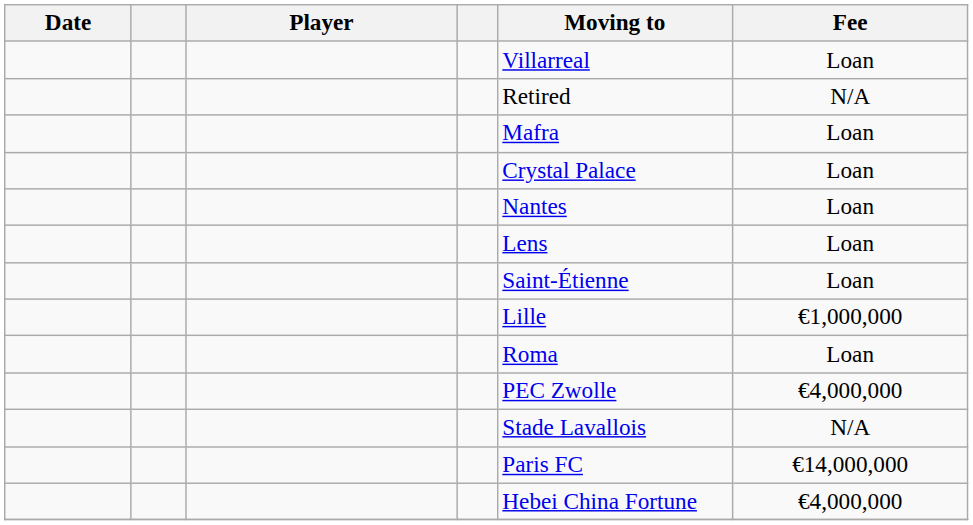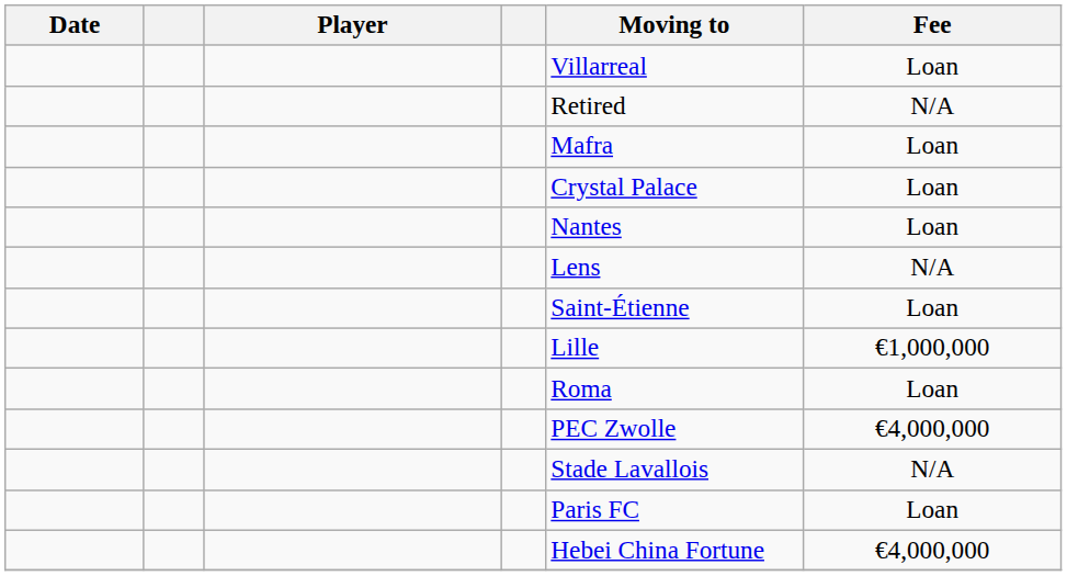 <table class="wikitable sortable">
 <tr>
 <th style="width:80px;">Date</th>
 <th style="width:30px;"></th>
 <th style="width:180px;">Player</th>
 <th style="width:20px;"></th>
 <th style="width:155px;">Moving to</th>
 <th style="width:155px;" class="unsortable">Fee</th>
 </tr>
 <tr>
 <td></td>
 <td align=center></td>
 <td> </td>
 <td></td>
 <td> <a href='#'>Villarreal</a></td>
 <td align=center>Loan</td>
 </tr>
 <tr>
 <td></td>
 <td align=center></td>
 <td> </td>
 <td></td>
 <td>Retired</td>
 <td align=center>N/A</td>
 </tr>
 <tr>
 <td></td>
 <td align=center></td>
 <td> </td>
 <td></td>
 <td> <a href='#'>Mafra</a></td>
 <td align=center>Loan</td>
 </tr>
 <tr>
 <td></td>
 <td align=center></td>
 <td> </td>
 <td></td>
 <td> <a href='#'>Crystal Palace</a></td>
 <td align=center>Loan</td>
 </tr>
 <tr>
 <td></td>
 <td align=center></td>
 <td> </td>
 <td></td>
 <td> <a href='#'>Nantes</a></td>
 <td align=center>Loan</td>
 </tr>
 <tr>
 <td></td>
 <td align=center></td>
 <td> </td>
 <td></td>
 <td> <a href='#'>Lens</a></td>
-<td align=center>Loan</td>
+<td align=center>N/A</td>
 </tr>
 <tr>
 <td></td>
 <td align=center></td>
 <td> </td>
 <td></td>
 <td> <a href='#'>Saint-Étienne</a></td>
 <td align=center>Loan</td>
 </tr>
 <tr>
 <td></td>
 <td align=center></td>
 <td> </td>
 <td></td>
 <td> <a href='#'>Lille</a></td>
 <td align=center>€1,000,000</td>
 </tr>
 <tr>
 <td></td>
 <td align=center></td>
 <td> </td>
 <td></td>
 <td> <a href='#'>Roma</a></td>
 <td align=center>Loan</td>
 </tr>
 <tr>
 <td></td>
 <td align=center></td>
 <td> </td>
 <td></td>
 <td> <a href='#'>PEC Zwolle</a></td>
 <td align=center>€4,000,000</td>
 </tr>
 <tr>
 <td></td>
 <td align=center></td>
 <td> </td>
 <td></td>
 <td> <a href='#'>Stade Lavallois</a></td>
 <td align=center>N/A</td>
 </tr>
 <tr>
 <td></td>
 <td align=center></td>
 <td> </td>
 <td></td>
 <td> <a href='#'>Paris FC</a></td>
-<td align=center>€14,000,000</td>
+<td align=center>Loan</td>
 </tr>
 <tr>
 <td></td>
 <td align=center></td>
 <td> </td>
 <td></td>
 <td> <a href='#'>Hebei China Fortune</a></td>
 <td align=center>€4,000,000</td>
 </tr>
 <tr>
 </tr>
 </table>
